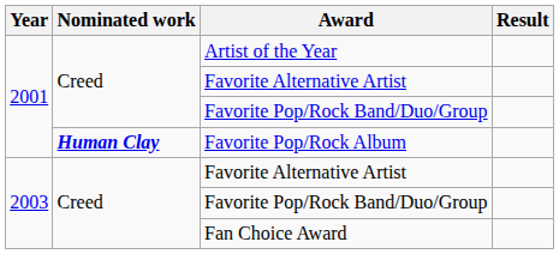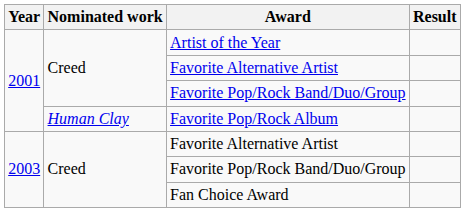 <table class="wikitable">
 <tr>
 <th>Year</th>
 <th>Nominated work</th>
 <th>Award</th>
 <th>Result</th>
 </tr>
 <tr>
 <td style="text-align:center;" rowspan="4"><a href='#'>2001</a></td>
 <td rowspan="3">Creed</td>
 <td><a href='#'>Artist of the Year</a></td>
 <td></td>
 </tr>
 <tr>
 <td><a href='#'>Favorite Alternative Artist</a></td>
 <td></td>
 </tr>
 <tr>
 <td><a href='#'>Favorite Pop/Rock Band/Duo/Group</a></td>
 <td></td>
 </tr>
 <tr>
-<td><strong><em><a href='#'>Human Clay</a></em></strong></td>
+<td><em><a href='#'>Human Clay</a></em></td>
 <td><a href='#'>Favorite Pop/Rock Album</a></td>
 <td></td>
 </tr>
 <tr>
 <td style="text-align:center;" rowspan="3"><a href='#'>2003</a></td>
 <td rowspan="3">Creed</td>
 <td>Favorite Alternative Artist</td>
 <td></td>
 </tr>
 <tr>
 <td>Favorite Pop/Rock Band/Duo/Group</td>
 <td></td>
 </tr>
 <tr>
 <td>Fan Choice Award</td>
 <td></td>
 </tr>
 </table>
